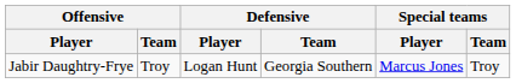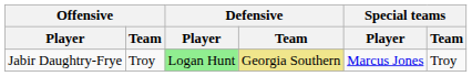 <table class="wikitable">
 <tr>
 <th colspan="2">Offensive</th>
 <th colspan="2">Defensive</th>
 <th colspan="2">Special teams</th>
 </tr>
 <tr>
 <th>Player</th>
 <th>Team</th>
 <th>Player</th>
 <th>Team</th>
 <th>Player</th>
 <th>Team</th>
 </tr>
 <tr>
 <td>Jabir Daughtry-Frye</td>
 <td>Troy</td>
-<td>Logan Hunt</td>
-<td>Georgia Southern</td>
+<td style="background: lightgreen;">Logan Hunt</td>
+<td style="background: khaki;">Georgia Southern</td>
 <td><a href='#'>Marcus Jones</a></td>
 <td>Troy</td>
 </tr>
 </table>
